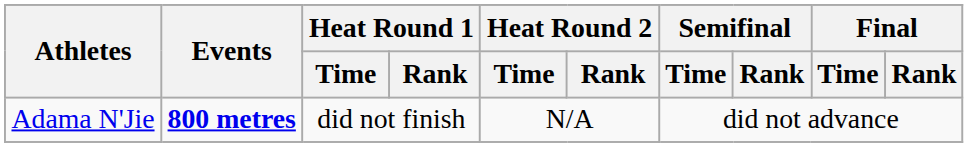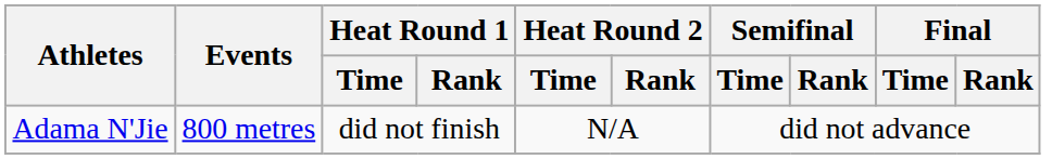 <table class=wikitable style=font-size:90%>
 <tr>
 <th rowspan=2>Athletes</th>
 <th rowspan=2>Events</th>
 <th colspan=2>Heat Round 1</th>
 <th colspan=2>Heat Round 2</th>
 <th colspan=2>Semifinal</th>
 <th colspan=2>Final</th>
 </tr>
 <tr>
 <th>Time</th>
 <th>Rank</th>
 <th>Time</th>
 <th>Rank</th>
 <th>Time</th>
 <th>Rank</th>
 <th>Time</th>
 <th>Rank</th>
 </tr>
 <tr>
 <td><a href='#'>Adama N'Jie</a></td>
-<td><strong><a href='#'>800 metres</a></strong></td>
+<td><a href='#'>800 metres</a></td>
 <td align=center colspan=2>did not finish</td>
 <td align=center colspan=2>N/A</td>
 <td align=center colspan=4>did not advance</td>
 </tr>
 </table>
